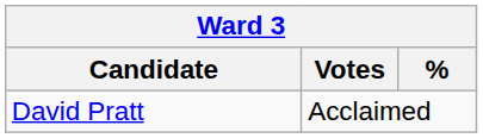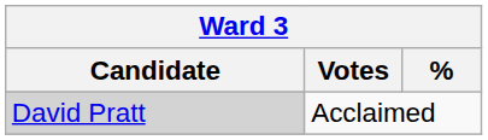 <table class="wikitable">
 <tr>
 <th colspan="3"><a href='#'>Ward 3</a></th>
 </tr>
 <tr>
 <th style="width: 170px">Candidate</th>
 <th style="width: 50px">Votes</th>
 <th style="width: 40px">%</th>
 </tr>
 <tr>
-<td><a href='#'>David Pratt</a></td>
+<td style="background: lightgrey;"><a href='#'>David Pratt</a></td>
 <td colspan="2">Acclaimed</td>
 </tr>
 </table>
